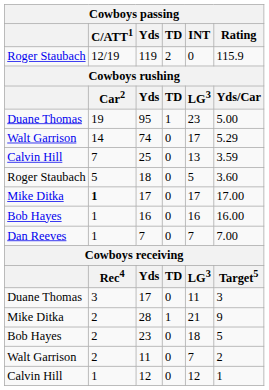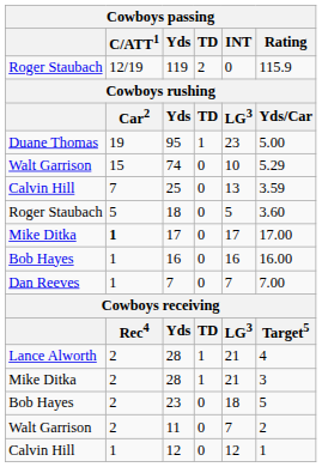 <table class="wikitable">
 <tr>
 <th colspan="6">Cowboys passing</th>
 </tr>
 <tr>
 <th></th>
 <th>C/ATT<sup>1</sup></th>
 <th>Yds</th>
 <th>TD</th>
 <th>INT</th>
 <th>Rating</th>
 </tr>
 <tr>
 <td><a href='#'>Roger Staubach</a></td>
 <td>12/19</td>
 <td>119</td>
 <td>2</td>
 <td>0</td>
 <td>115.9</td>
 </tr>
 <tr>
 <th colspan="6">Cowboys rushing</th>
 </tr>
 <tr>
 <th></th>
 <th>Car<sup>2</sup></th>
 <th>Yds</th>
 <th>TD</th>
 <th>LG<sup>3</sup></th>
 <th>Yds/Car</th>
 </tr>
 <tr>
 <td><a href='#'>Duane Thomas</a></td>
 <td>19</td>
 <td>95</td>
 <td>1</td>
 <td>23</td>
 <td>5.00</td>
 </tr>
 <tr>
 <td><a href='#'>Walt Garrison</a></td>
-<td>14</td>
+<td>15</td>
 <td>74</td>
 <td>0</td>
-<td>17</td>
+<td>10</td>
 <td>5.29</td>
 </tr>
 <tr>
 <td><a href='#'>Calvin Hill</a></td>
 <td>7</td>
 <td>25</td>
 <td>0</td>
 <td>13</td>
 <td>3.59</td>
 </tr>
 <tr>
 <td>Roger Staubach</td>
 <td>5</td>
 <td>18</td>
 <td>0</td>
 <td>5</td>
 <td>3.60</td>
 </tr>
 <tr>
 <td><a href='#'>Mike Ditka</a></td>
 <td><strong>1</strong></td>
 <td>17</td>
 <td>0</td>
 <td>17</td>
 <td>17.00</td>
 </tr>
 <tr>
 <td><a href='#'>Bob Hayes</a></td>
 <td>1</td>
 <td>16</td>
 <td>0</td>
 <td>16</td>
 <td>16.00</td>
 </tr>
 <tr>
 <td><a href='#'>Dan Reeves</a></td>
 <td>1</td>
 <td>7</td>
 <td>0</td>
 <td>7</td>
 <td>7.00</td>
 </tr>
 <tr>
 <th colspan="6">Cowboys receiving</th>
 </tr>
 <tr>
 <th></th>
 <th>Rec<sup>4</sup></th>
 <th>Yds</th>
 <th>TD</th>
 <th>LG<sup>3</sup></th>
 <th>Target<sup>5</sup></th>
 </tr>
 <tr>
-<td>Duane Thomas</td>
-<td>3</td>
-<td>17</td>
-<td>0</td>
-<td>11</td>
-<td>3</td>
+<td><a href='#'>Lance Alworth</a></td>
+<td>2</td>
+<td>28</td>
+<td>1</td>
+<td>21</td>
+<td>4</td>
 </tr>
 <tr>
 <td>Mike Ditka</td>
 <td>2</td>
 <td>28</td>
 <td>1</td>
 <td>21</td>
-<td>9</td>
+<td>3</td>
 </tr>
 <tr>
 <td>Bob Hayes</td>
 <td>2</td>
 <td>23</td>
 <td>0</td>
 <td>18</td>
 <td>5</td>
 </tr>
 <tr>
 <td>Walt Garrison</td>
 <td>2</td>
 <td>11</td>
 <td>0</td>
 <td>7</td>
 <td>2</td>
 </tr>
 <tr>
 <td>Calvin Hill</td>
 <td>1</td>
 <td>12</td>
 <td>0</td>
 <td>12</td>
 <td>1</td>
 </tr>
 </table>
